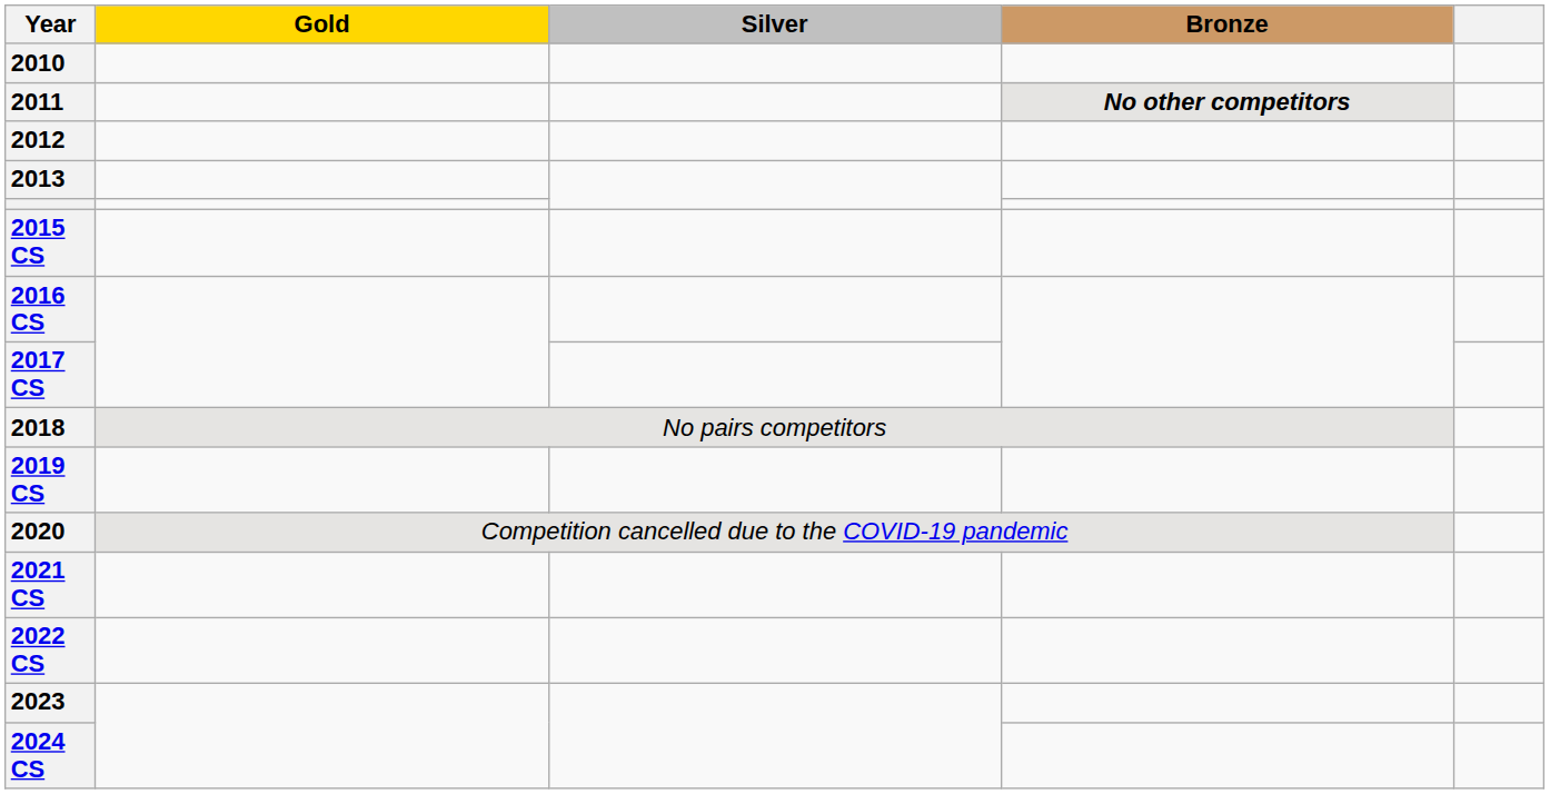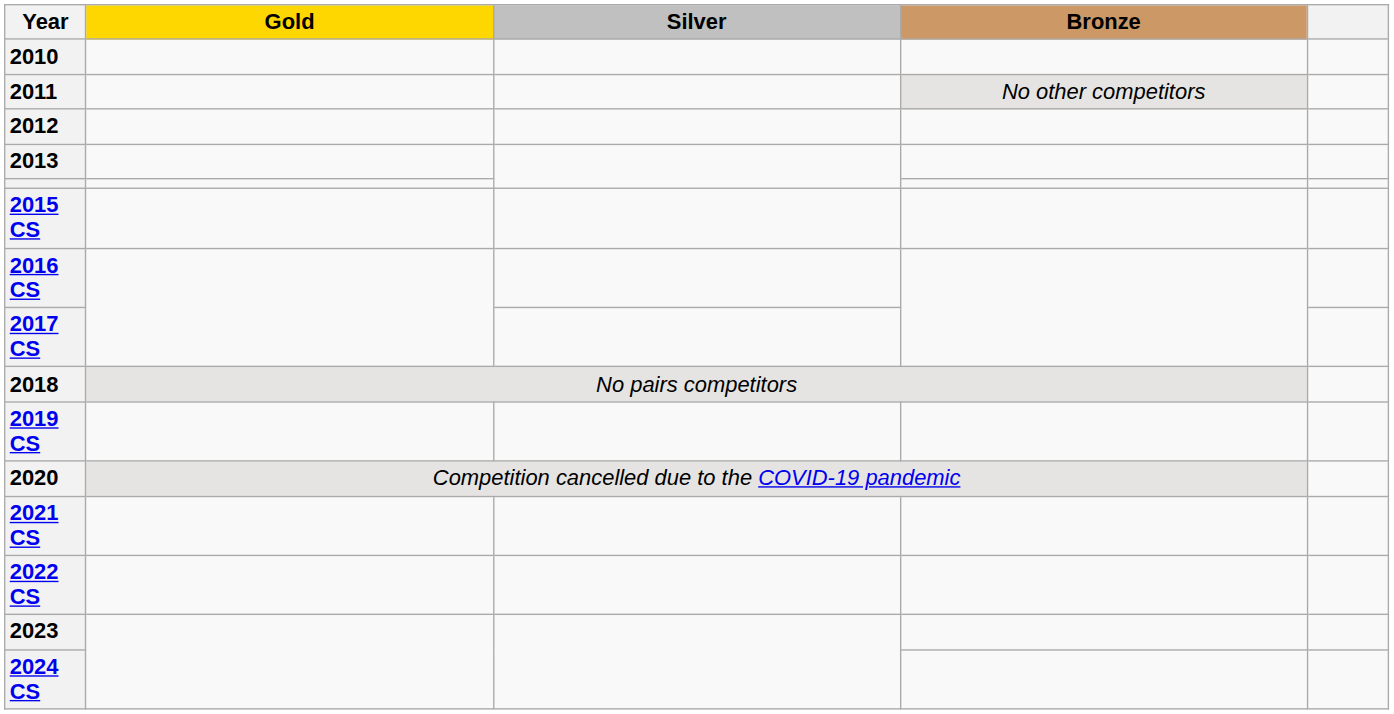 <table class="wikitable unsortable" style="text-align:left; width:80%">
 <tr>
 <th scope="col" style="text-align:center; width:5%">Year</th>
 <th scope="col" style="text-align:center; width:25%; background:gold">Gold</th>
 <th scope="col" style="text-align:center; width:25%; background:silver">Silver</th>
 <th scope="col" style="text-align:center; width:25%; background:#c96">Bronze</th>
 <th scope="col" style="text-align:center; width:5%"></th>
 </tr>
 <tr>
 <th scope="row" style="text-align:left">2010</th>
 <td></td>
 <td></td>
 <td></td>
 <td></td>
 </tr>
 <tr>
 <th scope="row" style="text-align:left">2011</th>
 <td></td>
 <td></td>
-<td align="center" bgcolor="e5e4e2"><strong><em>No other competitors</em></strong></td>
+<td align="center" bgcolor="e5e4e2"><em>No other competitors</em></td>
 <td></td>
 </tr>
 <tr>
 <th scope="row" style="text-align:left">2012</th>
 <td></td>
 <td></td>
 <td></td>
 <td></td>
 </tr>
 <tr>
 <th scope="row" style="text-align:left">2013</th>
 <td></td>
 <td rowspan="2"></td>
 <td></td>
 <td></td>
 </tr>
 <tr>
 <th scope="row" style="text-align:left"></th>
 <td></td>
 <td></td>
 <td></td>
 </tr>
 <tr>
 <th scope="row" style="text-align:left"><a href='#'>2015 CS</a></th>
 <td></td>
 <td></td>
 <td></td>
 <td></td>
 </tr>
 <tr>
 <th scope="row" style="text-align:left"><a href='#'>2016 CS</a></th>
 <td rowspan="2"></td>
 <td></td>
 <td rowspan="2"></td>
 <td></td>
 </tr>
 <tr>
 <th scope="row" style="text-align:left"><a href='#'>2017 CS</a></th>
 <td></td>
 <td></td>
 </tr>
 <tr>
 <th scope="row" style="text-align:left">2018</th>
 <td colspan="3" align="center" bgcolor="e5e4e2"><em>No pairs competitors</em></td>
 <td></td>
 </tr>
 <tr>
 <th scope="row" style="text-align:left"><a href='#'>2019 CS</a></th>
 <td></td>
 <td></td>
 <td></td>
 <td></td>
 </tr>
 <tr>
 <th scope="row" style="text-align:left">2020</th>
 <td colspan="3" align="center" bgcolor="e5e4e2"><em>Competition cancelled due to the <a href='#'>COVID-19 pandemic</a></em></td>
 <td></td>
 </tr>
 <tr>
 <th scope="row" style="text-align:left"><a href='#'>2021 CS</a></th>
 <td></td>
 <td></td>
 <td></td>
 <td></td>
 </tr>
 <tr>
 <th scope="row" style="text-align:left"><a href='#'>2022 CS</a></th>
 <td></td>
 <td></td>
 <td></td>
 <td></td>
 </tr>
 <tr>
 <th scope="row" style="text-align:left">2023</th>
 <td rowspan="2"></td>
 <td rowspan="2"></td>
 <td></td>
 <td></td>
 </tr>
 <tr>
 <th scope="row" style="text-align:left"><a href='#'>2024 CS</a></th>
 <td></td>
 <td></td>
 </tr>
 </table>
